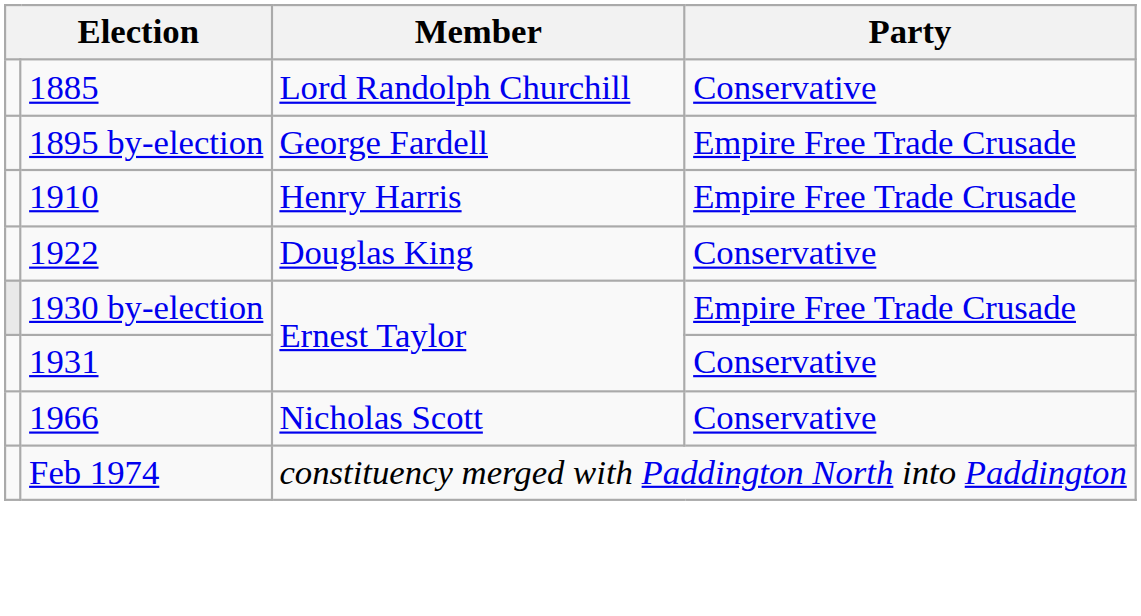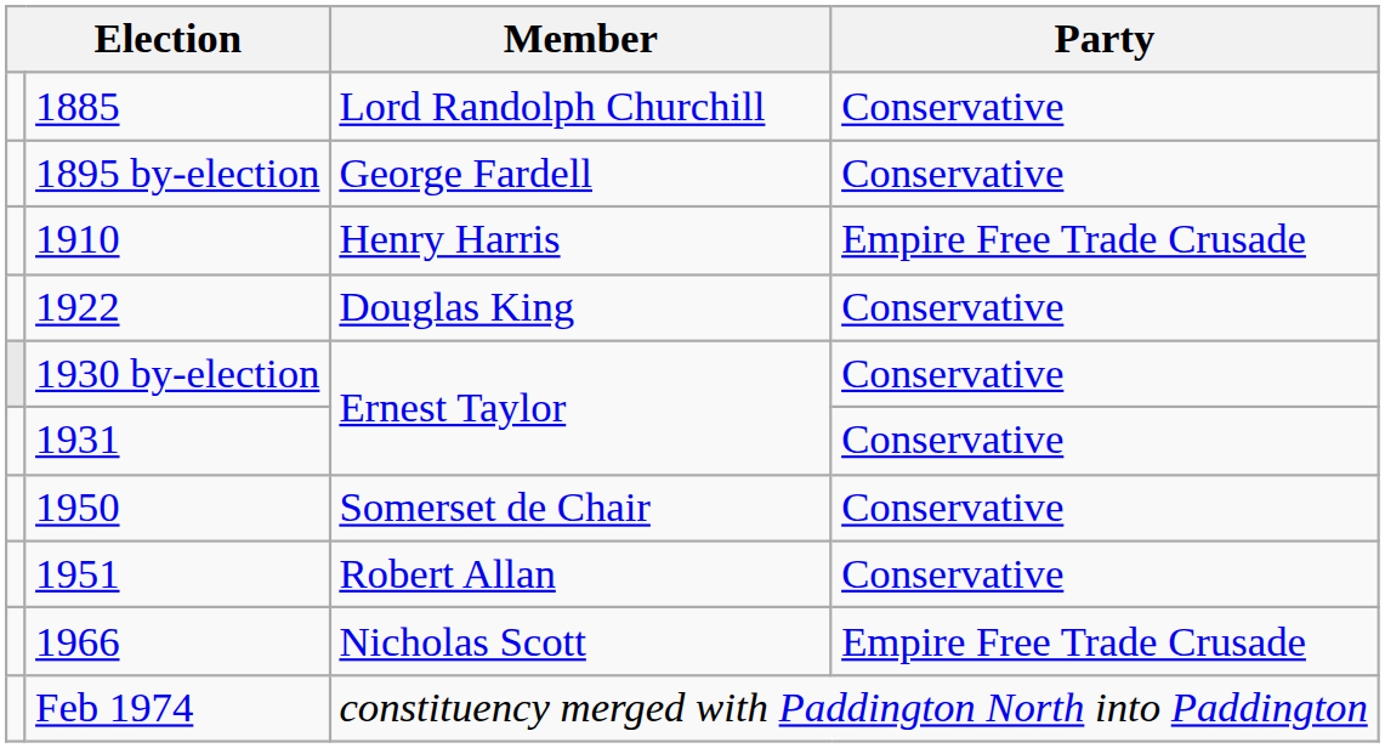 <table class="wikitable">
 <tr>
 <th colspan="2">Election</th>
 <th>Member</th>
 <th>Party</th>
 </tr>
 <tr>
 <td style="color:inherit;background-color: "></td>
 <td><a href='#'>1885</a></td>
 <td><a href='#'>Lord Randolph Churchill</a></td>
 <td><a href='#'>Conservative</a></td>
 </tr>
 <tr>
 <td style="color:inherit;background-color: "></td>
 <td><a href='#'>1895 by-election</a></td>
 <td><a href='#'>George Fardell</a></td>
-<td><a href='#'>Empire Free Trade Crusade</a></td>
+<td><a href='#'>Conservative</a></td>
 </tr>
 <tr>
 <td style="color:inherit;background-color: "></td>
 <td><a href='#'>1910</a></td>
 <td><a href='#'>Henry Harris</a></td>
 <td><a href='#'>Empire Free Trade Crusade</a></td>
 </tr>
 <tr>
 <td style="color:inherit;background-color: "></td>
 <td><a href='#'>1922</a></td>
 <td><a href='#'>Douglas King</a></td>
 <td><a href='#'>Conservative</a></td>
 </tr>
 <tr>
 <td style="color:inherit;background-color:#E9E9E9"></td>
 <td><a href='#'>1930 by-election</a></td>
 <td rowspan="2"><a href='#'>Ernest Taylor</a></td>
-<td><a href='#'>Empire Free Trade Crusade</a></td>
+<td><a href='#'>Conservative</a></td>
 </tr>
 <tr>
 <td style="color:inherit;background-color: "></td>
 <td><a href='#'>1931</a></td>
 <td><a href='#'>Conservative</a></td>
 </tr>
 <tr>
 <td style="color:inherit;background-color: "></td>
+<td><a href='#'>1950</a></td>
+<td><a href='#'>Somerset de Chair</a></td>
+<td><a href='#'>Conservative</a></td>
+</tr>
+<tr>
+<td style="color:inherit;background-color: "></td>
+<td><a href='#'>1951</a></td>
+<td><a href='#'>Robert Allan</a></td>
+<td><a href='#'>Conservative</a></td>
+</tr>
+<tr>
+<td style="color:inherit;background-color: "></td>
 <td><a href='#'>1966</a></td>
 <td><a href='#'>Nicholas Scott</a></td>
-<td><a href='#'>Conservative</a></td>
+<td><a href='#'>Empire Free Trade Crusade</a></td>
 </tr>
 <tr>
 <td></td>
 <td><a href='#'>Feb 1974</a></td>
 <td colspan="2"><em>constituency merged with <a href='#'>Paddington North</a> into <a href='#'>Paddington</a></em></td>
 </tr>
 </table>
